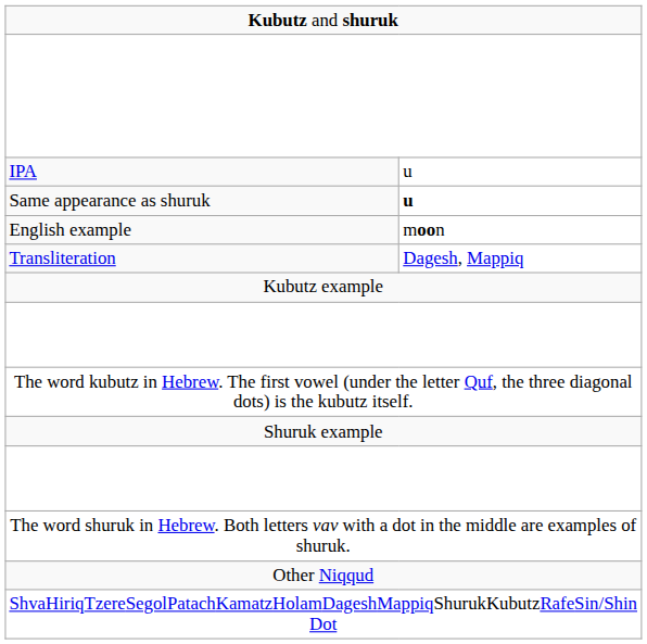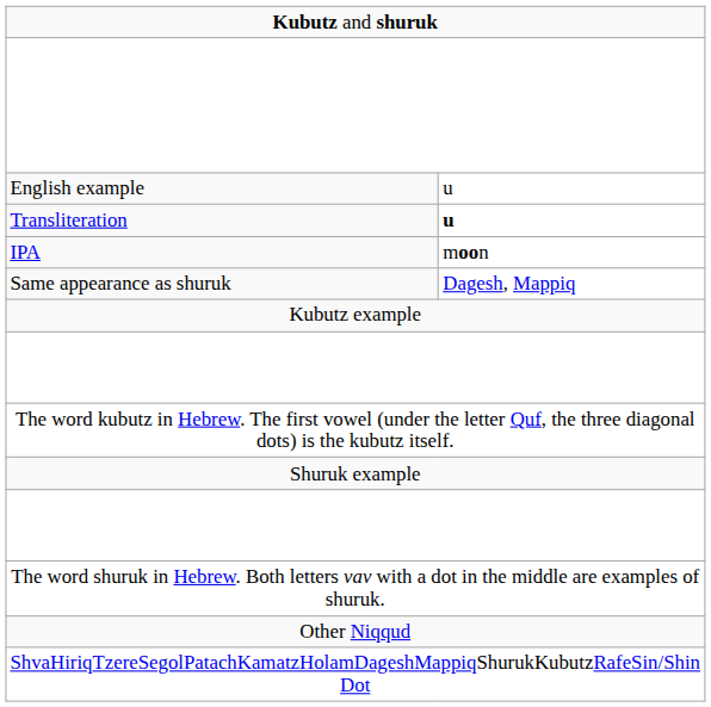 <table align="right" class="wikitable">
 <tr>
 <td colspan="2" style="text-align:center;"><strong>Kubutz</strong> and <strong>shuruk</strong></td>
 </tr>
 <tr>
 <td colspan="2" align="center" style="background:white;height:100px"></td>
 </tr>
 <tr>
-<td><a href='#'>IPA</a></td>
+<td>English example</td>
 <td style="background:white">u</td>
 </tr>
 <tr>
-<td>Same appearance as shuruk</td>
+<td><a href='#'>Transliteration</a></td>
 <td style="background:white"><strong>u</strong></td>
 </tr>
 <tr>
-<td>English example</td>
+<td><a href='#'>IPA</a></td>
 <td style="background:white">m<strong>oo</strong>n</td>
 </tr>
 <tr>
-<td><a href='#'>Transliteration</a></td>
+<td>Same appearance as shuruk</td>
 <td style="background:white"><a href='#'>Dagesh</a>, <a href='#'>Mappiq</a></td>
 </tr>
 <tr>
 <td colspan="2" style="text-align:center;">Kubutz example</td>
 </tr>
 <tr>
 <td colspan="2" align="center" style="background:white;height:50px"></td>
 </tr>
 <tr>
 <td colspan="2" style="width:250px;background:white; text-align:center;">The word kubutz in <a href='#'>Hebrew</a>. The first vowel (under the letter <a href='#'>Quf</a>, the three diagonal dots) is the kubutz itself.</td>
 </tr>
 <tr>
 <td colspan="2" style="text-align:center;">Shuruk example</td>
 </tr>
 <tr>
 <td colspan="2" align="center" style="background:white;height:50px"></td>
 </tr>
 <tr>
 <td colspan="2" style="width:250px;background:white; text-align:center;">The word shuruk in <a href='#'>Hebrew</a>. Both letters <em>vav</em> with a dot in the middle are examples of shuruk.</td>
 </tr>
 <tr>
 <td colspan="2" style="text-align:center;">Other <a href='#'>Niqqud</a></td>
 </tr>
 <tr>
 <td colspan="2" style="width:250px;background:white; text-align:center;"><a href='#'>Shva</a><a href='#'>Hiriq</a><a href='#'>Tzere</a><a href='#'>Segol</a><a href='#'>Patach</a><a href='#'>Kamatz</a><a href='#'>Holam</a><a href='#'>Dagesh</a><a href='#'>Mappiq</a>ShurukKubutz<a href='#'>Rafe</a><a href='#'>Sin/Shin Dot</a></td>
 </tr>
 </table>
